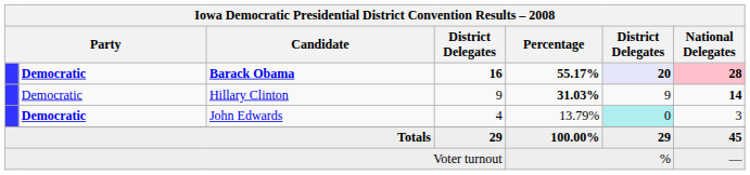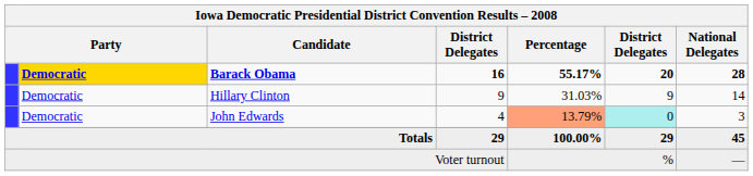 <table class="wikitable" style="font-size: 95%;">
 <tr>
 <th colspan="7">Iowa Democratic Presidential District Convention Results – 2008</th>
 </tr>
 <tr>
 <th colspan="2" style="width: 15em">Party</th>
 <th style="width: 17em">Candidate</th>
 <th style="width: 5em">District Delegates</th>
 <th style="width: 7em">Percentage</th>
 <th style="width: 5em">District Delegates</th>
 <th style="width: 5em">National Delegates</th>
 </tr>
 <tr>
 <th style="background-color:#3333FF; width: 3px"></th>
-<td style="width: 130px"><strong><a href='#'>Democratic</a></strong></td>
+<td style="background: gold; width: 130px"><strong><a href='#'>Democratic</a></strong></td>
 <td><strong><a href='#'>Barack Obama</a></strong></td>
 <td align="right"><strong>16</strong></td>
 <td align="right"><strong>55.17%</strong></td>
-<td align="right" style="background: lavender;"><strong>20</strong></td>
-<td align="right" style="background: pink;"><strong>28</strong></td>
+<td align="right"><strong>20</strong></td>
+<td align="right"><strong>28</strong></td>
 </tr>
 <tr>
 <th style="background-color:#3333FF; width: 3px"></th>
 <td style="width: 130px"><a href='#'>Democratic</a></td>
 <td><a href='#'>Hillary Clinton</a></td>
 <td align="right">9</td>
-<td align="right"><strong>31.03%</strong></td>
+<td align="right">31.03%</td>
 <td align="right">9</td>
-<td align="right"><strong>14</strong></td>
+<td align="right">14</td>
 </tr>
 <tr>
 <th style="background-color:#3333FF; width: 3px"></th>
-<td style="width: 130px"><strong><a href='#'>Democratic</a></strong></td>
+<td style="width: 130px"><a href='#'>Democratic</a></td>
 <td><a href='#'>John Edwards</a></td>
 <td align="right">4</td>
-<td align="right">13.79%</td>
+<td align="right" style="background: lightsalmon;">13.79%</td>
 <td align="right" style="background: paleturquoise;">0</td>
 <td align="right">3</td>
 </tr>
 <tr>
 </tr>
 <tr bgcolor="#EEEEEE">
 <td colspan="3" align="right"><strong>Totals</strong></td>
 <td align="right"><strong>29</strong></td>
 <td align="right"><strong>100.00%</strong></td>
 <td align="right"><strong>29</strong></td>
 <td align="right"><strong>45</strong></td>
 </tr>
 <tr bgcolor="#EEEEEE">
 <td colspan="4" align="right">Voter turnout</td>
 <td colspan="2" align="right">%</td>
 <td align="right">—</td>
 </tr>
 </table>
